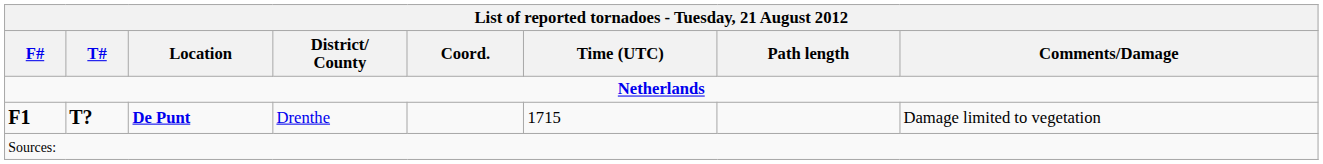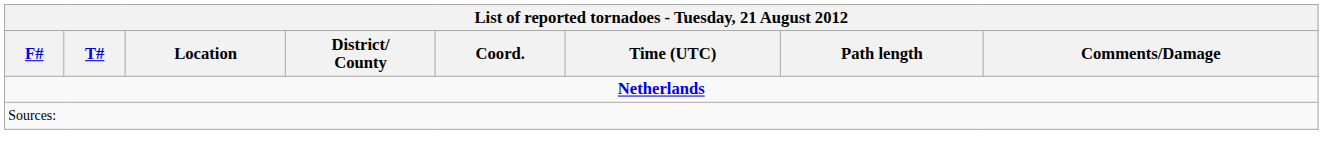 <table class="wikitable collapsible" width="100%">
 <tr>
 <th colspan="8">List of reported tornadoes - Tuesday, 21 August 2012</th>
 </tr>
 <tr>
 <th><a href='#'>F#</a></th>
 <th><a href='#'>T#</a></th>
 <th>Location</th>
 <th>District/<br>County</th>
 <th>Coord.</th>
 <th>Time (UTC)</th>
 <th>Path length</th>
 <th>Comments/Damage</th>
 </tr>
 <tr>
 <td colspan="8" align=center><strong><a href='#'>Netherlands</a></strong></td>
 </tr>
 <tr>
-<td><big><strong>F1</strong></big></td>
-<td><big><strong>T?</strong></big></td>
-<td><strong><a href='#'>De Punt</a></strong></td>
-<td><a href='#'>Drenthe</a></td>
-<td></td>
-<td>1715</td>
-<td></td>
-<td>Damage limited to vegetation</td>
-</tr>
-<tr>
 <td colspan="8"><small>Sources:  </small></td>
 </tr>
 </table>
